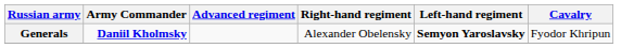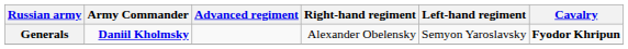 <table class="wikitable">
 <tr>
 <th rowspan="1"><a href='#'>Russian army</a></th>
 <th colspan="1">Army Commander</th>
 <th colspan="1"><a href='#'>Advanced regiment</a></th>
 <th colspan="1">Right-hand regiment</th>
 <th colspan="1">Left-hand regiment</th>
 <th colspan="1"><a href='#'>Cavalry</a></th>
 </tr>
 <tr>
 <th>Generals</th>
 <td style="text-align: right;"><strong><a href='#'>Daniil Kholmsky</a></strong></td>
 <td style="text-align: right;"></td>
 <td style="text-align: right;">Alexander Obelensky</td>
-<td style="text-align: right;"><strong>Semyon Yaroslavsky</strong></td>
-<td style="text-align: right;">Fyodor Khripun</td>
+<td style="text-align: right;">Semyon Yaroslavsky</td>
+<td style="text-align: right;"><strong>Fyodor Khripun</strong></td>
 </tr>
 <tr>
 </tr>
 </table>
